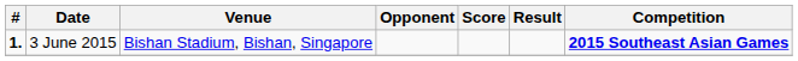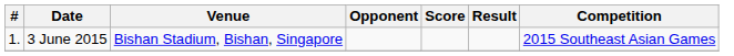 <table class="wikitable">
 <tr>
 <th>#</th>
 <th>Date</th>
 <th>Venue</th>
 <th>Opponent</th>
 <th>Score</th>
 <th>Result</th>
 <th>Competition</th>
 </tr>
 <tr>
-<td><strong>1.</strong></td>
+<td>1.</td>
 <td>3 June 2015</td>
 <td><a href='#'>Bishan Stadium</a>, <a href='#'>Bishan</a>, <a href='#'>Singapore</a></td>
 <td></td>
 <td></td>
 <td></td>
-<td><strong><a href='#'>2015 Southeast Asian Games</a></strong></td>
+<td><a href='#'>2015 Southeast Asian Games</a></td>
 </tr>
 <tr>
 </tr>
 </table>
